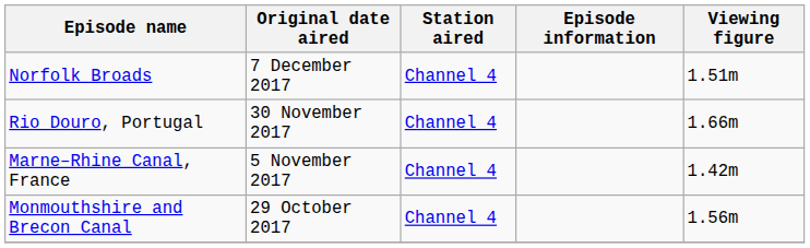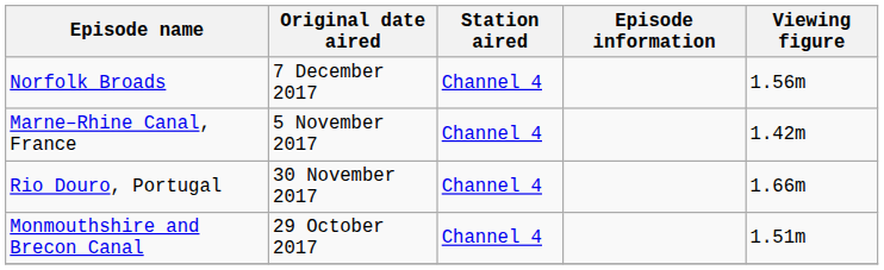 <table class="wikitable sortable">
 <tr>
 <th>Episode name</th>
 <th>Original date aired</th>
 <th>Station aired</th>
 <th>Episode information</th>
 <th>Viewing figure</th>
 </tr>
 <tr>
 <td><a href='#'>Norfolk Broads</a></td>
 <td>7 December 2017</td>
 <td><a href='#'>Channel 4</a></td>
 <td></td>
-<td>1.51m</td>
+<td>1.56m</td>
+</tr>
+<tr>
+<td><a href='#'>Marne–Rhine Canal</a>, France</td>
+<td>5 November 2017</td>
+<td><a href='#'>Channel 4</a></td>
+<td></td>
+<td>1.42m</td>
 </tr>
 <tr>
 <td><a href='#'>Rio Douro</a>, Portugal</td>
 <td>30 November 2017</td>
 <td><a href='#'>Channel 4</a></td>
 <td></td>
 <td>1.66m</td>
 </tr>
 <tr>
-<td><a href='#'>Marne–Rhine Canal</a>, France</td>
-<td>5 November 2017</td>
-<td><a href='#'>Channel 4</a></td>
-<td></td>
-<td>1.42m</td>
-</tr>
-<tr>
 <td><a href='#'>Monmouthshire and Brecon Canal</a></td>
 <td>29 October 2017</td>
 <td><a href='#'>Channel 4</a></td>
 <td></td>
-<td>1.56m</td>
+<td>1.51m</td>
 </tr>
 <tr>
 </tr>
 </table>
